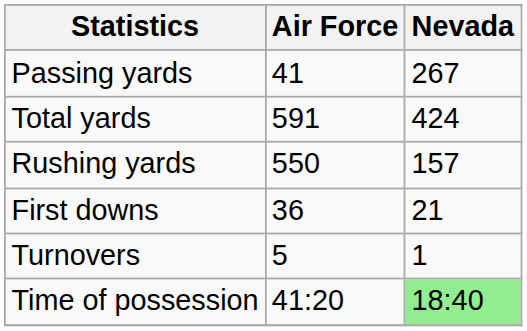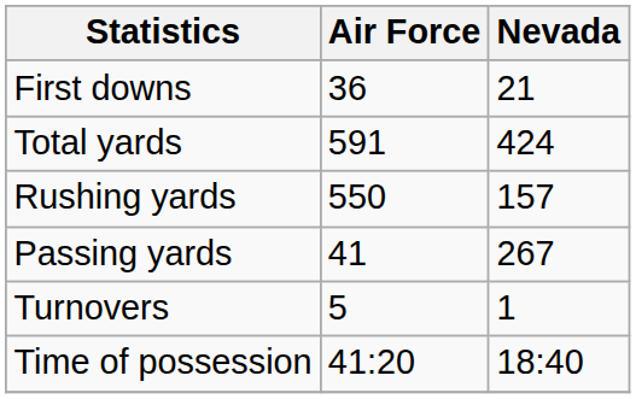 <table class="wikitable">
 <tr>
 <th>Statistics</th>
 <th>Air Force</th>
 <th>Nevada</th>
 </tr>
 <tr>
-<td>Passing yards</td>
-<td>41</td>
-<td>267</td>
+<td>First downs</td>
+<td>36</td>
+<td>21</td>
 </tr>
 <tr>
 <td>Total yards</td>
 <td>591</td>
 <td>424</td>
 </tr>
 <tr>
 <td>Rushing yards</td>
 <td>550</td>
 <td>157</td>
 </tr>
 <tr>
-<td>First downs</td>
-<td>36</td>
-<td>21</td>
+<td>Passing yards</td>
+<td>41</td>
+<td>267</td>
 </tr>
 <tr>
 <td>Turnovers</td>
 <td>5</td>
 <td>1</td>
 </tr>
 <tr>
 <td>Time of possession</td>
 <td>41:20</td>
-<td style="background: lightgreen;">18:40</td>
+<td>18:40</td>
 </tr>
 <tr>
 </tr>
 </table>
